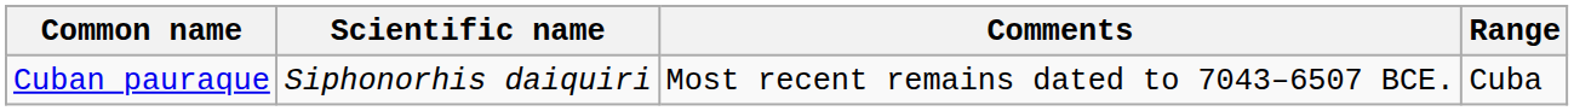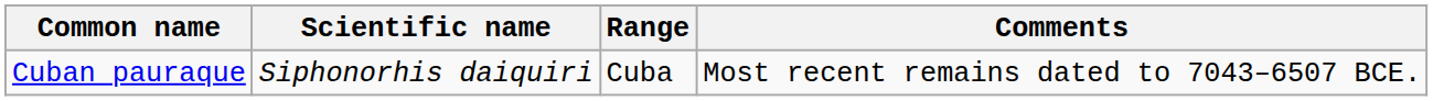 <table class="wikitable">
 <tr>
 <th>Common name</th>
 <th>Scientific name</th>
+<th>Range</th>
 <th class="unsortable">Comments</th>
-<th>Range</th>
 </tr>
 <tr>
 <td><a href='#'>Cuban pauraque</a></td>
 <td><em>Siphonorhis daiquiri</em></td>
+<td>Cuba</td>
 <td>Most recent remains dated to 7043–6507 BCE.</td>
-<td>Cuba</td>
 </tr>
 </table>
